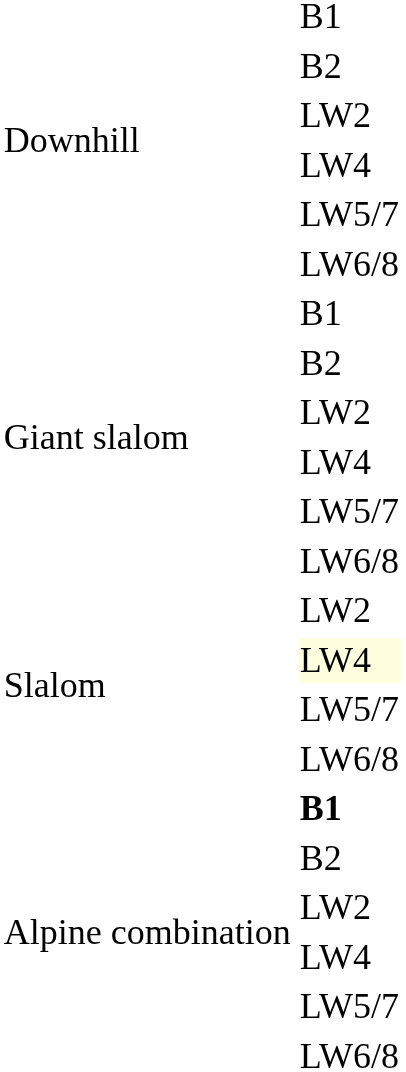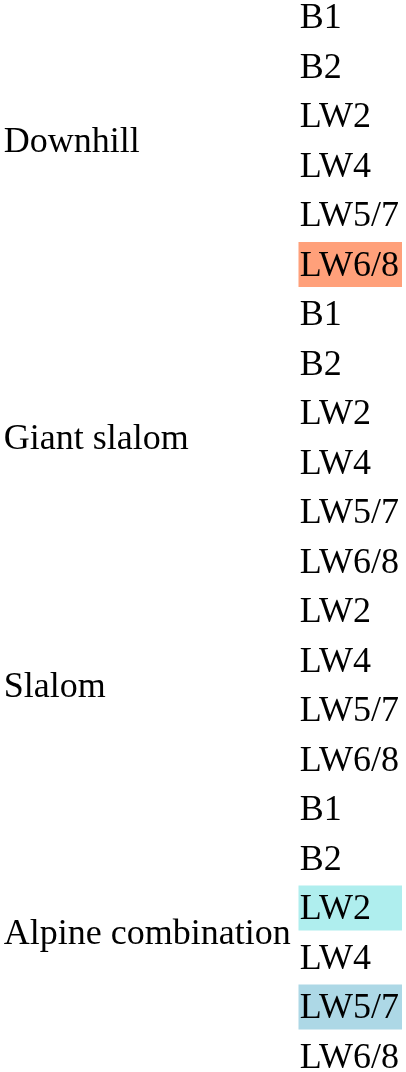 <table>
 <tr>
 <td rowspan="6">Downhill<br></td>
 <td>B1<br></td>
 <td></td>
 <td></td>
 <td></td>
 </tr>
 <tr>
 <td>B2<br></td>
 <td></td>
 <td></td>
 <td></td>
 </tr>
 <tr>
 <td>LW2<br></td>
 <td></td>
 <td></td>
 <td></td>
 </tr>
 <tr>
 <td>LW4<br></td>
 <td></td>
 <td></td>
 <td></td>
 </tr>
 <tr>
 <td>LW5/7<br></td>
 <td></td>
 <td></td>
 <td></td>
 </tr>
 <tr>
-<td>LW6/8<br></td>
+<td style="background: lightsalmon;">LW6/8<br></td>
 <td></td>
 <td></td>
 <td></td>
 </tr>
 <tr>
 <td rowspan="6">Giant slalom</td>
 <td>B1<br></td>
 <td></td>
 <td></td>
 <td></td>
 </tr>
 <tr>
 <td>B2<br></td>
 <td></td>
 <td></td>
 <td></td>
 </tr>
 <tr>
 <td>LW2<br></td>
 <td></td>
 <td></td>
 <td></td>
 </tr>
 <tr>
 <td>LW4<br></td>
 <td></td>
 <td></td>
 <td></td>
 </tr>
 <tr>
 <td>LW5/7<br></td>
 <td></td>
 <td></td>
 <td></td>
 </tr>
 <tr>
 <td>LW6/8<br></td>
 <td></td>
 <td></td>
 <td></td>
 </tr>
 <tr>
 <td rowspan="4">Slalom</td>
 <td>LW2<br></td>
 <td></td>
 <td></td>
 <td></td>
 </tr>
 <tr>
-<td style="background: lightyellow;">LW4<br></td>
+<td>LW4<br></td>
 <td></td>
 <td></td>
 <td></td>
 </tr>
 <tr>
 <td>LW5/7<br></td>
 <td></td>
 <td></td>
 <td></td>
 </tr>
 <tr>
 <td>LW6/8<br></td>
 <td></td>
 <td></td>
 <td></td>
 </tr>
 <tr>
 <td rowspan="6">Alpine combination</td>
-<td><strong>B1<br></strong></td>
+<td>B1<br></td>
 <td></td>
 <td></td>
 <td></td>
 </tr>
 <tr>
 <td>B2<br></td>
 <td></td>
 <td></td>
 <td></td>
 </tr>
 <tr>
-<td>LW2<br></td>
+<td style="background: paleturquoise;">LW2<br></td>
 <td></td>
 <td></td>
 <td></td>
 </tr>
 <tr>
 <td>LW4<br></td>
 <td></td>
 <td></td>
 <td></td>
 </tr>
 <tr>
-<td>LW5/7<br></td>
+<td style="background: lightblue;">LW5/7<br></td>
 <td></td>
 <td></td>
 <td></td>
 </tr>
 <tr>
 <td>LW6/8<br></td>
 <td></td>
 <td></td>
 <td></td>
 </tr>
 </table>
